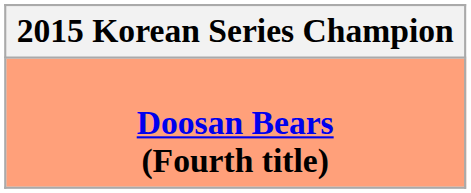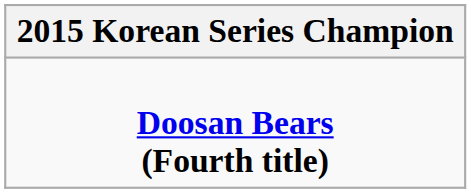 <table width="220" class="wikitable" style="margin:1em auto 1em auto;">
 <tr>
 <th><strong>2015 Korean Series Champion</strong></th>
 </tr>
 <tr align="center">
-<td style="background: lightsalmon;"><br><strong><a href='#'>Doosan Bears</a></strong><br><strong>(Fourth title)</strong></td>
+<td><br><strong><a href='#'>Doosan Bears</a></strong><br><strong>(Fourth title)</strong></td>
 </tr>
 </table>
